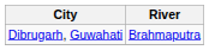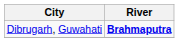 <table class="wikitable sortable">
 <tr>
 <th>City</th>
 <th>River</th>
 </tr>
 <tr>
 <td><a href='#'>Dibrugarh</a>, <a href='#'>Guwahati</a></td>
-<td><a href='#'>Brahmaputra</a></td>
+<td><strong><a href='#'>Brahmaputra</a></strong></td>
 </tr>
 <tr>
 </tr>
 </table>
